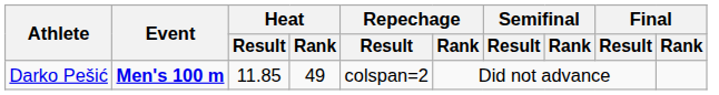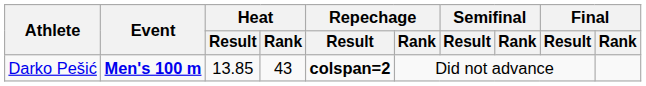 <table class="wikitable" style="font-size:90%">
 <tr>
 <th rowspan="2">Athlete</th>
 <th rowspan="2">Event</th>
 <th colspan="2">Heat</th>
 <th colspan="2">Repechage</th>
 <th colspan="2">Semifinal</th>
 <th colspan="2">Final</th>
 </tr>
 <tr style="font-size:95%">
 <th>Result</th>
 <th>Rank</th>
 <th>Result</th>
 <th>Rank</th>
 <th>Result</th>
 <th>Rank</th>
 <th>Result</th>
 <th>Rank</th>
 </tr>
 <tr align=center>
 <td align=left><a href='#'>Darko Pešić</a></td>
 <td align=left><strong><a href='#'>Men's 100 m</a></strong></td>
-<td>11.85</td>
-<td>49</td>
-<td>colspan=2 </td>
+<td>13.85</td>
+<td>43</td>
+<td><strong>colspan=2 </strong></td>
 <td colspan=4>Did not advance</td>
 </tr>
 </table>
